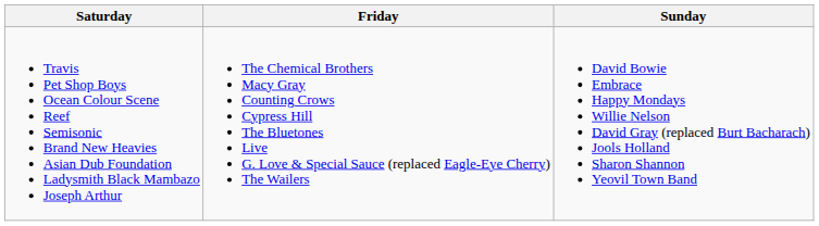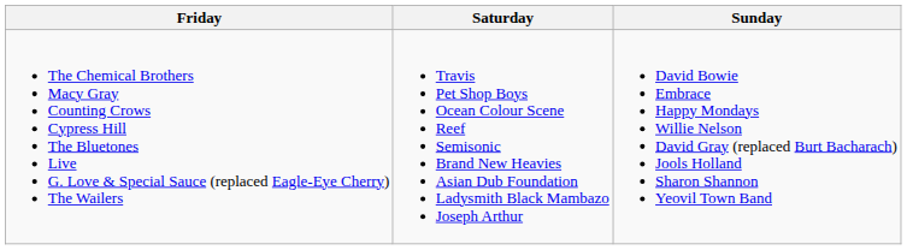 <table class="wikitable">
 <tr>
+<th>Friday</th>
 <th>Saturday</th>
-<th>Friday</th>
 <th>Sunday</th>
 </tr>
 <tr valign="top">
+<td><br><ul><li><a href='#'>The Chemical Brothers</a></li><li><a href='#'>Macy Gray</a></li><li><a href='#'>Counting Crows</a></li><li><a href='#'>Cypress Hill</a></li><li><a href='#'>The Bluetones</a></li><li><a href='#'>Live</a></li><li><a href='#'>G. Love & Special Sauce</a> (replaced <a href='#'>Eagle-Eye Cherry</a>)</li><li><a href='#'>The Wailers</a></li></ul></td>
 <td><br><ul><li><a href='#'>Travis</a></li><li><a href='#'>Pet Shop Boys</a></li><li><a href='#'>Ocean Colour Scene</a></li><li><a href='#'>Reef</a></li><li><a href='#'>Semisonic</a></li><li><a href='#'>Brand New Heavies</a></li><li><a href='#'>Asian Dub Foundation</a></li><li><a href='#'>Ladysmith Black Mambazo</a></li><li><a href='#'>Joseph Arthur</a></li></ul></td>
-<td><br><ul><li><a href='#'>The Chemical Brothers</a></li><li><a href='#'>Macy Gray</a></li><li><a href='#'>Counting Crows</a></li><li><a href='#'>Cypress Hill</a></li><li><a href='#'>The Bluetones</a></li><li><a href='#'>Live</a></li><li><a href='#'>G. Love & Special Sauce</a> (replaced <a href='#'>Eagle-Eye Cherry</a>)</li><li><a href='#'>The Wailers</a></li></ul></td>
 <td><br><ul><li><a href='#'>David Bowie</a></li><li><a href='#'>Embrace</a></li><li><a href='#'>Happy Mondays</a></li><li><a href='#'>Willie Nelson</a></li><li><a href='#'>David Gray</a> (replaced <a href='#'>Burt Bacharach</a>)</li><li><a href='#'>Jools Holland</a></li><li><a href='#'>Sharon Shannon</a></li><li><a href='#'>Yeovil Town Band</a></li></ul></td>
 </tr>
 </table>
